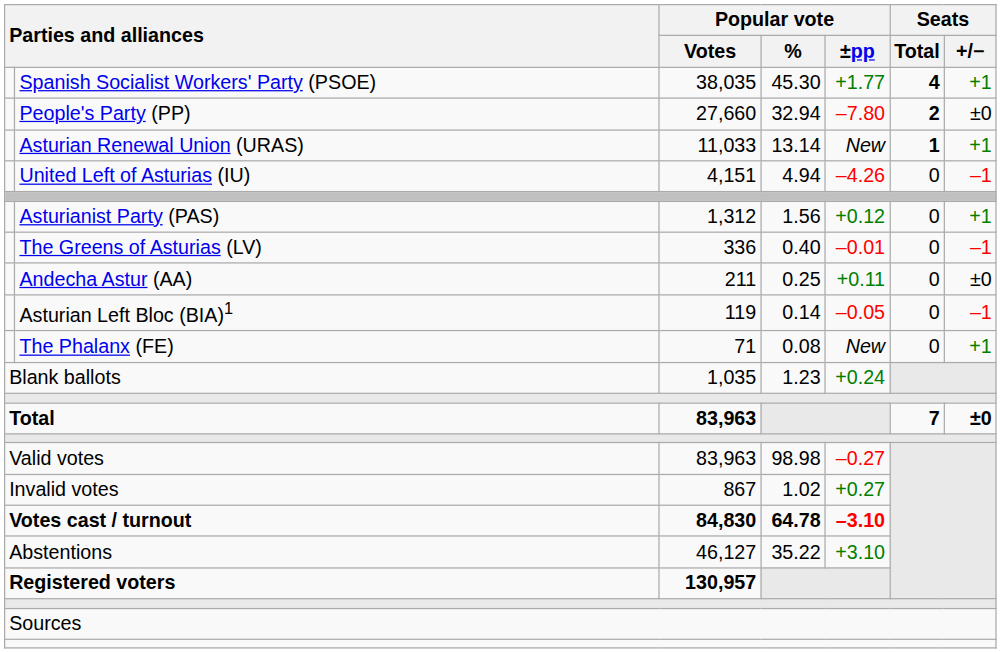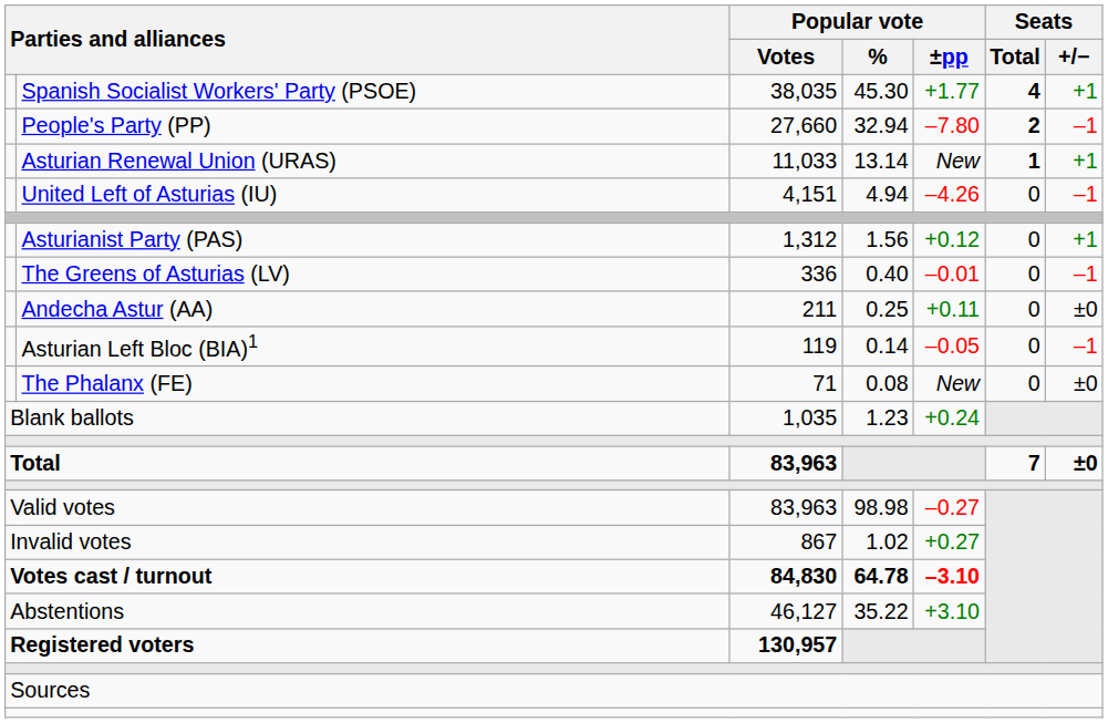 <table class="wikitable" style="text-align:right;">
 <tr>
 <th style="text-align:left;" rowspan="2" colspan="2" width="525">Parties and alliances</th>
 <th colspan="3">Popular vote</th>
 <th colspan="2">Seats</th>
 </tr>
 <tr>
 <th width="75">Votes</th>
 <th width="45">%</th>
 <th width="45">±<a href='#'>pp</a></th>
 <th width="35">Total</th>
 <th width="35">+/−</th>
 </tr>
 <tr>
 <td width="1" style="color:inherit;background:"></td>
 <td align="left"><a href='#'>Spanish Socialist Workers' Party</a> (PSOE)</td>
 <td>38,035</td>
 <td>45.30</td>
 <td style="color:green;">+1.77</td>
 <td><strong>4</strong></td>
 <td style="color:green;">+1</td>
 </tr>
 <tr>
 <td style="color:inherit;background:"></td>
 <td align="left"><a href='#'>People's Party</a> (PP)</td>
 <td>27,660</td>
 <td>32.94</td>
 <td style="color:red;">–7.80</td>
 <td><strong>2</strong></td>
-<td>±0</td>
+<td style="color:red;">–1</td>
 </tr>
 <tr>
 <td style="color:inherit;background:"></td>
 <td align="left"><a href='#'>Asturian Renewal Union</a> (URAS)</td>
 <td>11,033</td>
 <td>13.14</td>
 <td><em>New</em></td>
 <td><strong>1</strong></td>
 <td style="color:green;">+1</td>
 </tr>
 <tr>
 <td style="color:inherit;background:"></td>
 <td align="left"><a href='#'>United Left of Asturias</a> (IU)</td>
 <td>4,151</td>
 <td>4.94</td>
 <td style="color:red;">–4.26</td>
 <td>0</td>
 <td style="color:red;">–1</td>
 </tr>
 <tr>
 <td colspan="7" bgcolor="#C0C0C0"></td>
 </tr>
 <tr>
 <td style="color:inherit;background:"></td>
 <td align="left"><a href='#'>Asturianist Party</a> (PAS)</td>
 <td>1,312</td>
 <td>1.56</td>
 <td style="color:green;">+0.12</td>
 <td>0</td>
 <td style="color:green;">+1</td>
 </tr>
 <tr>
 <td style="color:inherit;background:"></td>
 <td align="left"><a href='#'>The Greens of Asturias</a> (LV)</td>
 <td>336</td>
 <td>0.40</td>
 <td style="color:red;">–0.01</td>
 <td>0</td>
 <td style="color:red;">–1</td>
 </tr>
 <tr>
 <td style="color:inherit;background:"></td>
 <td align="left"><a href='#'>Andecha Astur</a> (AA)</td>
 <td>211</td>
 <td>0.25</td>
 <td style="color:green;">+0.11</td>
 <td>0</td>
 <td>±0</td>
 </tr>
 <tr>
 <td style="color:inherit;background:"></td>
 <td align="left">Asturian Left Bloc (BIA)<sup>1</sup></td>
 <td>119</td>
 <td>0.14</td>
 <td style="color:red;">–0.05</td>
 <td>0</td>
 <td style="color:red;">–1</td>
 </tr>
 <tr>
 <td style="color:inherit;background:"></td>
 <td align="left"><a href='#'>The Phalanx</a> (FE)</td>
 <td>71</td>
 <td>0.08</td>
 <td><em>New</em></td>
 <td>0</td>
-<td style="color:green;">+1</td>
+<td>±0</td>
 </tr>
 <tr>
 <td align="left" colspan="2">Blank ballots</td>
 <td>1,035</td>
 <td>1.23</td>
 <td style="color:green;">+0.24</td>
 <td bgcolor="#E9E9E9" colspan="2"></td>
 </tr>
 <tr>
 <td colspan="7" bgcolor="#E9E9E9"></td>
 </tr>
 <tr style="font-weight:bold;">
 <td align="left" colspan="2">Total</td>
 <td>83,963</td>
 <td bgcolor="#E9E9E9" colspan="2"></td>
 <td>7</td>
 <td>±0</td>
 </tr>
 <tr>
 <td colspan="7" bgcolor="#E9E9E9"></td>
 </tr>
 <tr>
 <td align="left" colspan="2">Valid votes</td>
 <td>83,963</td>
 <td>98.98</td>
 <td style="color:red;">–0.27</td>
 <td bgcolor="#E9E9E9" colspan="2" rowspan="5"></td>
 </tr>
 <tr>
 <td align="left" colspan="2">Invalid votes</td>
 <td>867</td>
 <td>1.02</td>
 <td style="color:green;">+0.27</td>
 </tr>
 <tr style="font-weight:bold;">
 <td align="left" colspan="2">Votes cast / turnout</td>
 <td>84,830</td>
 <td>64.78</td>
 <td style="color:red;">–3.10</td>
 </tr>
 <tr>
 <td align="left" colspan="2">Abstentions</td>
 <td>46,127</td>
 <td>35.22</td>
 <td style="color:green;">+3.10</td>
 </tr>
 <tr style="font-weight:bold;">
 <td align="left" colspan="2">Registered voters</td>
 <td>130,957</td>
 <td bgcolor="#E9E9E9" colspan="2"></td>
 </tr>
 <tr>
 <td colspan="7" bgcolor="#E9E9E9"></td>
 </tr>
 <tr>
 <td align="left" colspan="7">Sources</td>
 </tr>
 <tr>
 <td colspan="7" style="text-align:left; max-width:790px;"></td>
 </tr>
 </table>
